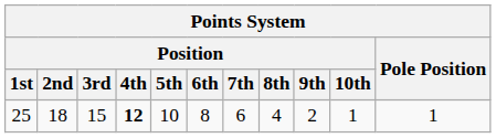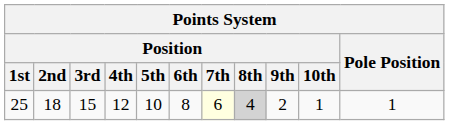 <table class="wikitable" style="font-size: 90%;">
 <tr>
 <th colspan=15>Points System</th>
 </tr>
 <tr>
 <th colspan=10>Position</th>
 <th rowspan=2>Pole Position</th>
 </tr>
 <tr>
 <th>1st</th>
 <th>2nd</th>
 <th>3rd</th>
 <th>4th</th>
 <th>5th</th>
 <th>6th</th>
 <th>7th</th>
 <th>8th</th>
 <th>9th</th>
 <th>10th</th>
 </tr>
 <tr>
 <td align=center>25</td>
 <td align=center>18</td>
 <td align=center>15</td>
-<td align=center><strong>12</strong></td>
+<td align=center>12</td>
 <td align=center>10</td>
 <td align=center>8</td>
-<td align=center>6</td>
-<td align=center>4</td>
+<td align=center style="background: lightyellow;">6</td>
+<td align=center style="background: lightgrey;">4</td>
 <td align=center>2</td>
 <td align=center>1</td>
 <td align=center>1</td>
 </tr>
 </table>
